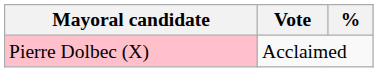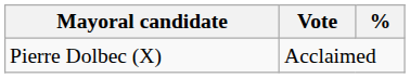 <table class="wikitable">
 <tr>
 <th bgcolor="#DDDDFF" width="200px">Mayoral candidate</th>
 <th bgcolor="#DDDDFF" width="50px">Vote</th>
 <th bgcolor="#DDDDFF" width="30px">%</th>
 </tr>
 <tr>
-<td style="background: pink;">Pierre Dolbec (X)</td>
+<td>Pierre Dolbec (X)</td>
 <td colspan="2">Acclaimed</td>
 </tr>
 </table>
